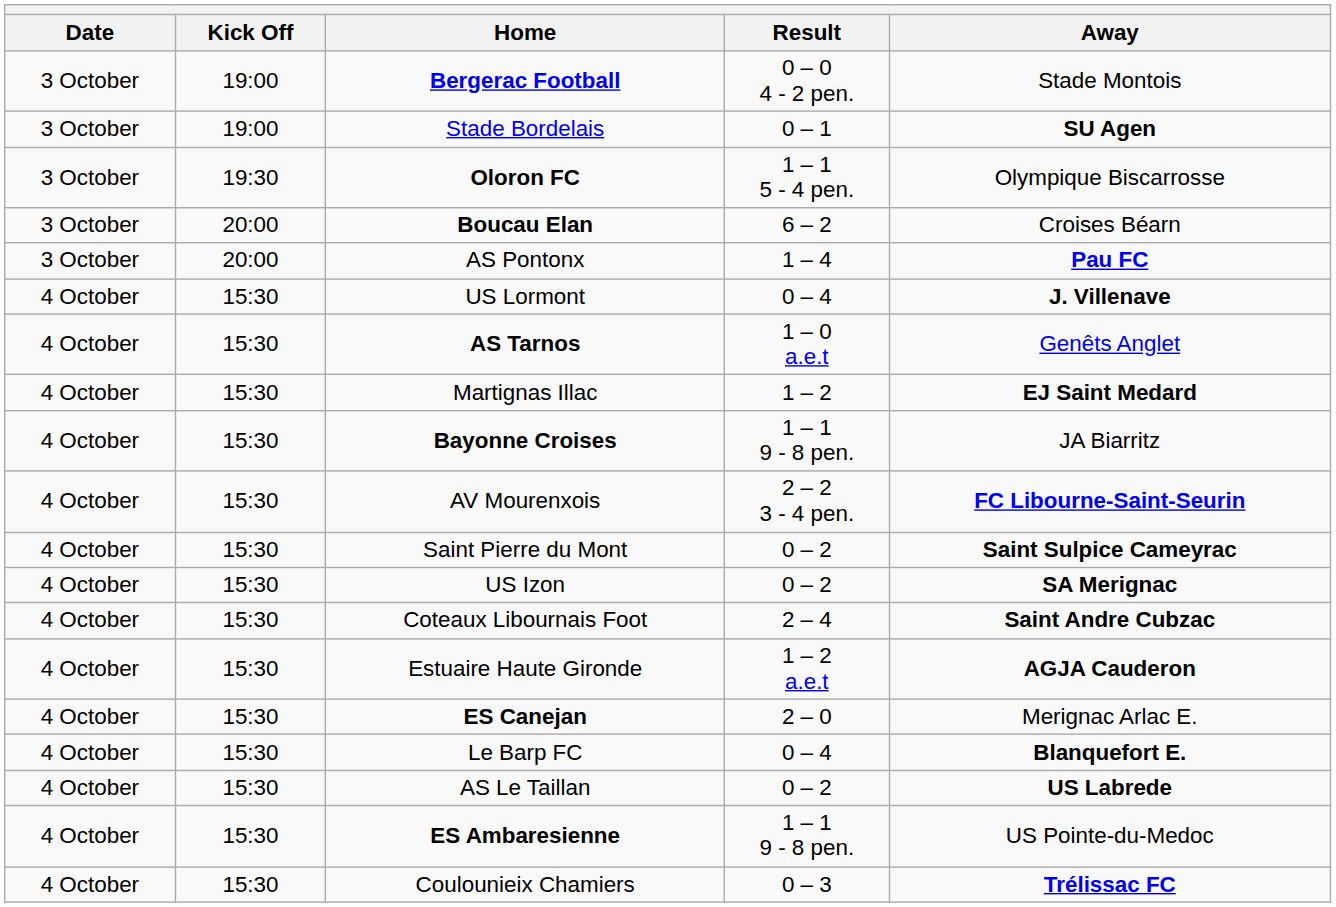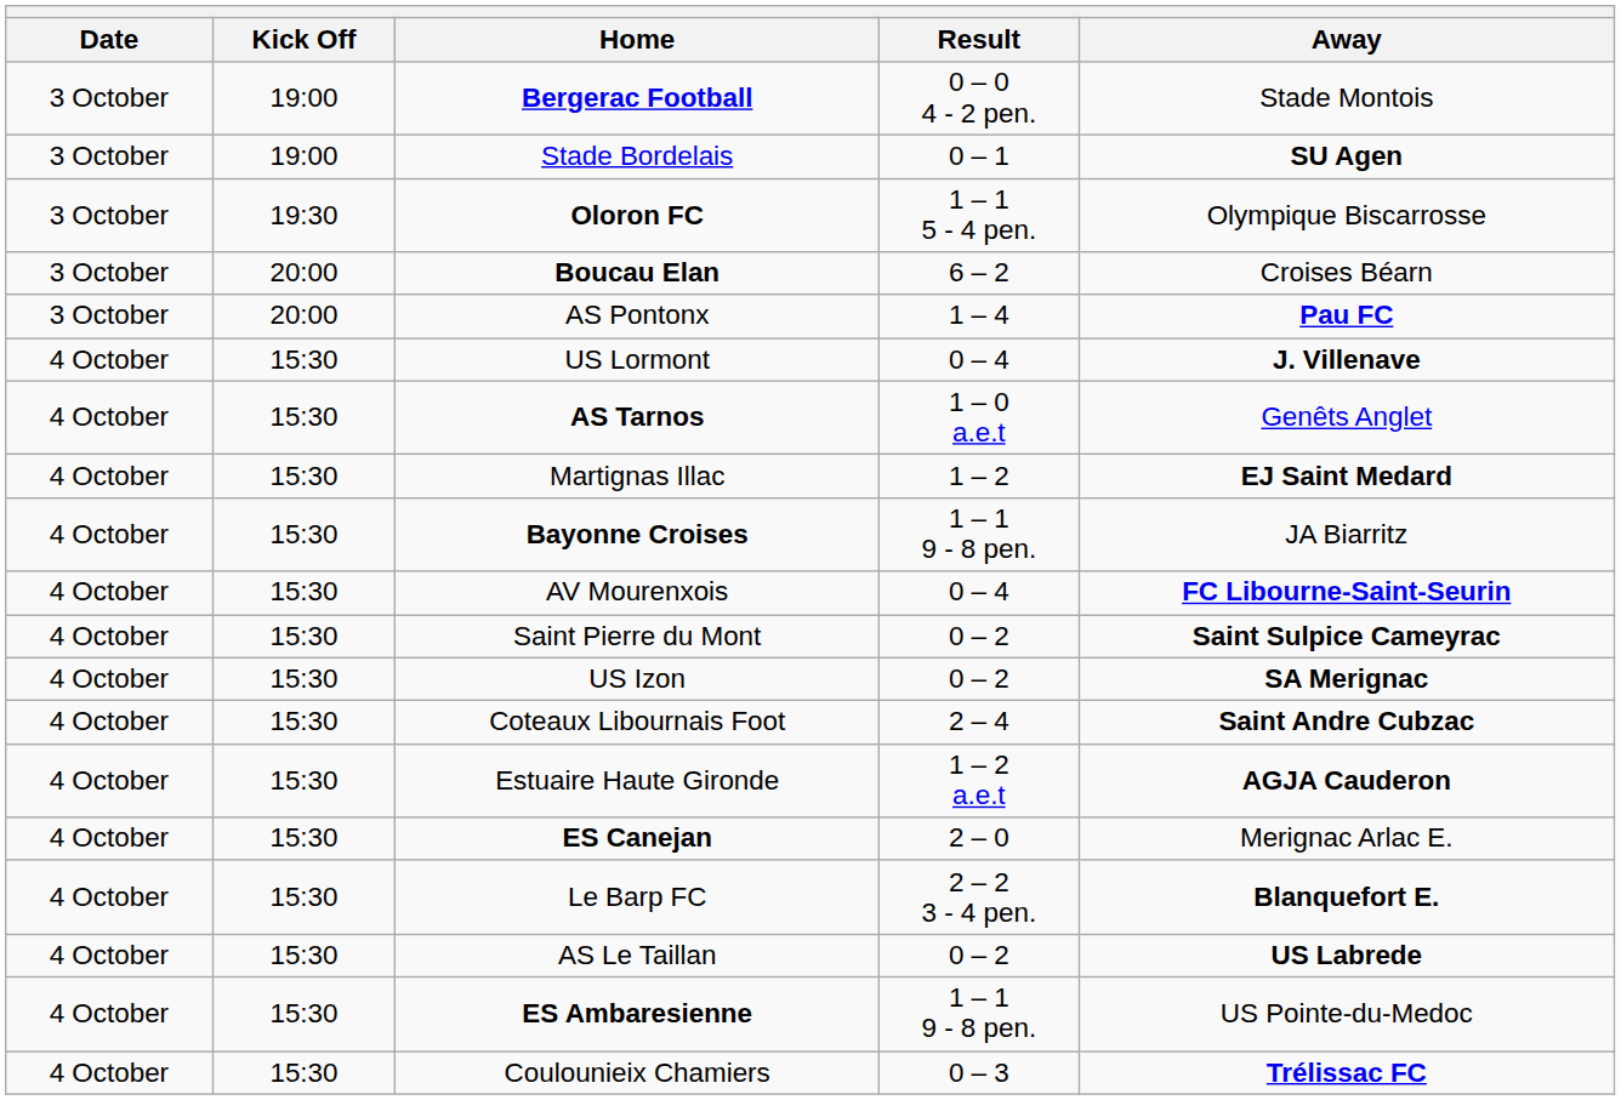 <table class="wikitable collapsible collapsed" style="font-size: 100%; margin:0px;" width="75%">
 <tr>
 <th colspan="7" style="text-align:left;"></th>
 </tr>
 <tr>
 <th><strong>Date</strong></th>
 <th><strong>Kick Off</strong></th>
 <th><strong>Home</strong></th>
 <th><strong>Result</strong></th>
 <th><strong>Away</strong></th>
 </tr>
 <tr>
 <td align=center>3 October</td>
 <td align=center>19:00</td>
 <td align=center><strong><a href='#'>Bergerac Football</a></strong></td>
 <td align=center>0 – 0 <br> 4 - 2 pen.</td>
 <td align=center>Stade Montois</td>
 </tr>
 <tr>
 <td align=center>3 October</td>
 <td align=center>19:00</td>
 <td align=center><a href='#'>Stade Bordelais</a></td>
 <td align=center>0 – 1</td>
 <td align=center><strong>SU Agen</strong></td>
 </tr>
 <tr>
 <td align=center>3 October</td>
 <td align=center>19:30</td>
 <td align=center><strong>Oloron FC</strong></td>
 <td align=center>1 – 1 <br> 5 - 4 pen.</td>
 <td align=center>Olympique Biscarrosse</td>
 </tr>
 <tr>
 <td align=center>3 October</td>
 <td align=center>20:00</td>
 <td align=center><strong>Boucau Elan</strong></td>
 <td align=center>6 – 2</td>
 <td align=center>Croises Béarn</td>
 </tr>
 <tr>
 <td align=center>3 October</td>
 <td align=center>20:00</td>
 <td align=center>AS Pontonx</td>
 <td align=center>1 – 4</td>
 <td align=center><strong><a href='#'>Pau FC</a></strong></td>
 </tr>
 <tr>
 <td align=center>4 October</td>
 <td align=center>15:30</td>
 <td align=center>US Lormont</td>
 <td align=center>0 – 4</td>
 <td align=center><strong>J. Villenave</strong></td>
 </tr>
 <tr>
 <td align=center>4 October</td>
 <td align=center>15:30</td>
 <td align=center><strong>AS Tarnos</strong></td>
 <td align=center>1 – 0 <br> <a href='#'>a.e.t</a></td>
 <td align=center><a href='#'>Genêts Anglet</a></td>
 </tr>
 <tr>
 <td align=center>4 October</td>
 <td align=center>15:30</td>
 <td align=center>Martignas Illac</td>
 <td align=center>1 – 2</td>
 <td align=center><strong>EJ Saint Medard</strong></td>
 </tr>
 <tr>
 <td align=center>4 October</td>
 <td align=center>15:30</td>
 <td align=center><strong>Bayonne Croises</strong></td>
 <td align=center>1 – 1 <br> 9 - 8 pen.</td>
 <td align=center>JA Biarritz</td>
 </tr>
 <tr>
 <td align=center>4 October</td>
 <td align=center>15:30</td>
 <td align=center>AV Mourenxois</td>
-<td align=center>2 – 2 <br> 3 - 4 pen.</td>
+<td align=center>0 – 4</td>
 <td align=center><strong><a href='#'>FC Libourne-Saint-Seurin</a></strong></td>
 </tr>
 <tr>
 <td align=center>4 October</td>
 <td align=center>15:30</td>
 <td align=center>Saint Pierre du Mont</td>
 <td align=center>0 – 2</td>
 <td align=center><strong>Saint Sulpice Cameyrac</strong></td>
 </tr>
 <tr>
 <td align=center>4 October</td>
 <td align=center>15:30</td>
 <td align=center>US Izon</td>
 <td align=center>0 – 2</td>
 <td align=center><strong>SA Merignac</strong></td>
 </tr>
 <tr>
 <td align=center>4 October</td>
 <td align=center>15:30</td>
 <td align=center>Coteaux Libournais Foot</td>
 <td align=center>2 – 4</td>
 <td align=center><strong>Saint Andre Cubzac</strong></td>
 </tr>
 <tr>
 <td align=center>4 October</td>
 <td align=center>15:30</td>
 <td align=center>Estuaire Haute Gironde</td>
 <td align=center>1 – 2 <br> <a href='#'>a.e.t</a></td>
 <td align=center><strong>AGJA Cauderon</strong></td>
 </tr>
 <tr>
 <td align=center>4 October</td>
 <td align=center>15:30</td>
 <td align=center><strong>ES Canejan</strong></td>
 <td align=center>2 – 0</td>
 <td align=center>Merignac Arlac E.</td>
 </tr>
 <tr>
 <td align=center>4 October</td>
 <td align=center>15:30</td>
 <td align=center>Le Barp FC</td>
-<td align=center>0 – 4</td>
+<td align=center>2 – 2 <br> 3 - 4 pen.</td>
 <td align=center><strong>Blanquefort E.</strong></td>
 </tr>
 <tr>
 <td align=center>4 October</td>
 <td align=center>15:30</td>
 <td align=center>AS Le Taillan</td>
 <td align=center>0 – 2</td>
 <td align=center><strong>US Labrede</strong></td>
 </tr>
 <tr>
 <td align=center>4 October</td>
 <td align=center>15:30</td>
 <td align=center><strong>ES Ambaresienne</strong></td>
 <td align=center>1 – 1 <br> 9 - 8 pen.</td>
 <td align=center>US Pointe-du-Medoc</td>
 </tr>
 <tr>
 <td align=center>4 October</td>
 <td align=center>15:30</td>
 <td align=center>Coulounieix Chamiers</td>
 <td align=center>0 – 3</td>
 <td align=center><strong><a href='#'>Trélissac FC</a></strong></td>
 </tr>
 </table>
